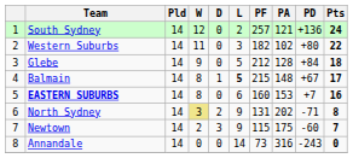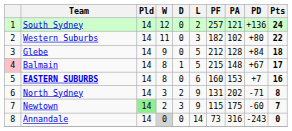 <table class="wikitable" style="text-align:center;">
 <tr>
 <th width=20 abbr="Position×"></th>
 <th width=175>Team</th>
 <th width=20 abbr="Played">Pld</th>
 <th width=20 abbr="Won">W</th>
 <th width=20 abbr="Drawn">D</th>
 <th width=20 abbr="Lost">L</th>
 <th width=20 abbr="Points for">PF</th>
 <th width=20 abbr="Points against">PA</th>
 <th width=20 abbr="Points difference">PD</th>
 <th width=20 abbr="Points">Pts</th>
 </tr>
 <tr style="background: #ccffcc;">
 <td>1</td>
 <td style="text-align:left;"> <a href='#'>South Sydney</a></td>
 <td>14</td>
 <td>12</td>
 <td>0</td>
 <td>2</td>
 <td>257</td>
 <td>121</td>
 <td>+136</td>
 <td><strong>24</strong></td>
 </tr>
 <tr>
 <td>2</td>
 <td style="text-align:left;"> <a href='#'>Western Suburbs</a></td>
 <td>14</td>
 <td>11</td>
 <td>0</td>
 <td>3</td>
 <td>182</td>
 <td>102</td>
 <td>+80</td>
 <td><strong>22</strong></td>
 </tr>
 <tr>
 <td>3</td>
 <td style="text-align:left;"> <a href='#'>Glebe</a></td>
 <td>14</td>
 <td>9</td>
 <td>0</td>
 <td>5</td>
 <td>212</td>
 <td>128</td>
 <td>+84</td>
 <td><strong>18</strong></td>
 </tr>
 <tr>
-<td>4</td>
+<td style="background: pink;">4</td>
 <td style="text-align:left;"> <a href='#'>Balmain</a></td>
 <td>14</td>
 <td>8</td>
 <td>1</td>
-<td><strong>5</strong></td>
+<td>5</td>
 <td>215</td>
 <td>148</td>
 <td>+67</td>
 <td><strong>17</strong></td>
 </tr>
 <tr>
 <td>5</td>
 <td style="text-align:left;"> <strong><a href='#'>EASTERN SUBURBS</a></strong></td>
 <td>14</td>
 <td>8</td>
 <td>0</td>
 <td>6</td>
 <td>160</td>
 <td>153</td>
 <td>+7</td>
 <td><strong>16</strong></td>
 </tr>
 <tr>
 <td>6</td>
 <td style="text-align:left;"> <a href='#'>North Sydney</a></td>
 <td>14</td>
-<td style="background: khaki;">3</td>
+<td>3</td>
 <td>2</td>
 <td>9</td>
 <td>131</td>
 <td>202</td>
 <td>-71</td>
 <td><strong>8</strong></td>
 </tr>
 <tr>
 <td>7</td>
 <td style="text-align:left;"> <a href='#'>Newtown</a></td>
-<td>14</td>
+<td style="background: lightgreen;">14</td>
 <td>2</td>
 <td>3</td>
 <td>9</td>
 <td>115</td>
 <td>175</td>
 <td>-60</td>
 <td><strong>7</strong></td>
 </tr>
 <tr>
 <td>8</td>
 <td style="text-align:left;"> <a href='#'>Annandale</a></td>
 <td>14</td>
-<td>0</td>
+<td style="background: lightgrey;">0</td>
 <td>0</td>
 <td>14</td>
 <td>73</td>
 <td>316</td>
 <td>-243</td>
 <td><strong>0</strong></td>
 </tr>
 <tr>
 </tr>
 </table>
